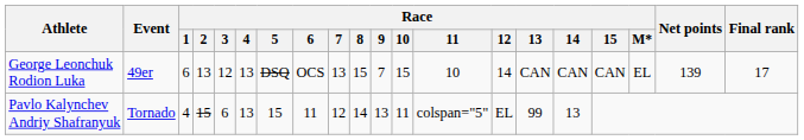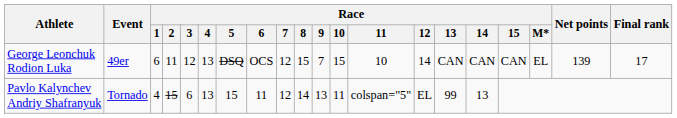 <table class="wikitable" style="font-size:90%">
 <tr>
 <th rowspan="2">Athlete</th>
 <th rowspan="2">Event</th>
 <th colspan=16>Race</th>
 <th rowspan=2>Net points</th>
 <th rowspan=2>Final rank</th>
 </tr>
 <tr style="font-size:95%">
 <th>1</th>
 <th>2</th>
 <th>3</th>
 <th>4</th>
 <th>5</th>
 <th>6</th>
 <th>7</th>
 <th>8</th>
 <th>9</th>
 <th>10</th>
 <th>11</th>
 <th>12</th>
 <th>13</th>
 <th>14</th>
 <th>15</th>
 <th>M*</th>
 </tr>
 <tr align=center>
 <td align=left><a href='#'>George Leonchuk</a><br><a href='#'>Rodion Luka</a></td>
 <td align=left><a href='#'>49er</a></td>
 <td>6</td>
-<td>13</td>
+<td>11</td>
 <td>12</td>
 <td>13</td>
 <td><s>DSQ</s></td>
 <td>OCS</td>
-<td>13</td>
+<td>12</td>
 <td>15</td>
 <td>7</td>
 <td>15</td>
 <td>10</td>
 <td>14</td>
 <td>CAN</td>
 <td>CAN</td>
 <td>CAN</td>
 <td>EL</td>
 <td>139</td>
 <td>17</td>
 </tr>
 <tr align=center>
 <td align=left><a href='#'>Pavlo Kalynchev</a> <br> <a href='#'>Andriy Shafranyuk</a></td>
 <td align=left><a href='#'>Tornado</a></td>
 <td>4</td>
 <td><s>15</s></td>
 <td>6</td>
 <td>13</td>
 <td>15</td>
 <td>11</td>
 <td>12</td>
 <td>14</td>
 <td>13</td>
 <td>11</td>
 <td>colspan="5" </td>
 <td>EL</td>
 <td>99</td>
 <td>13</td>
 </tr>
 </table>
